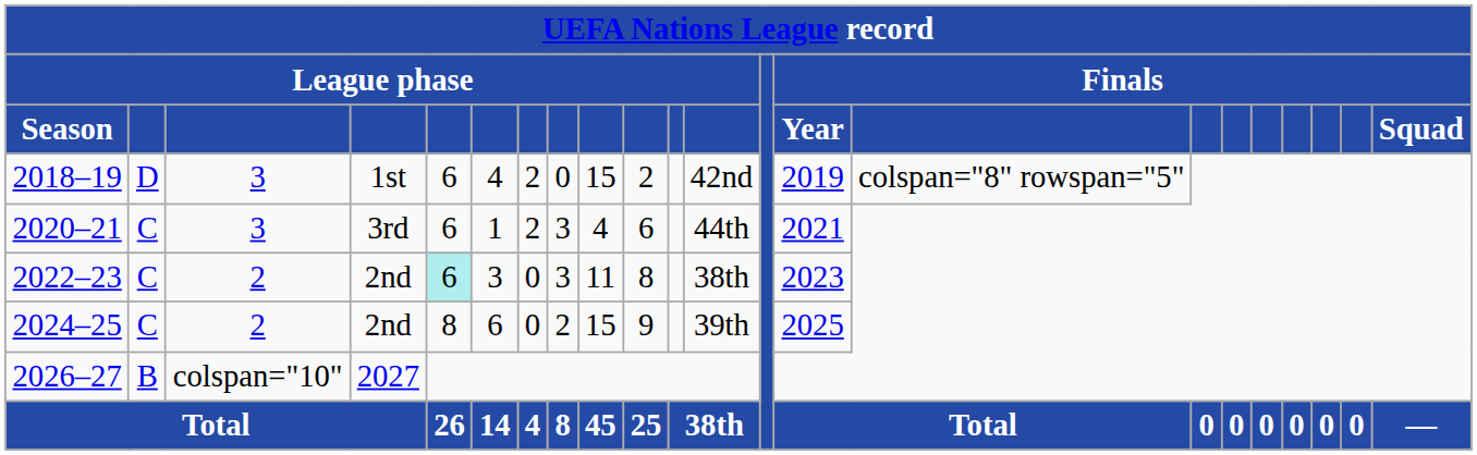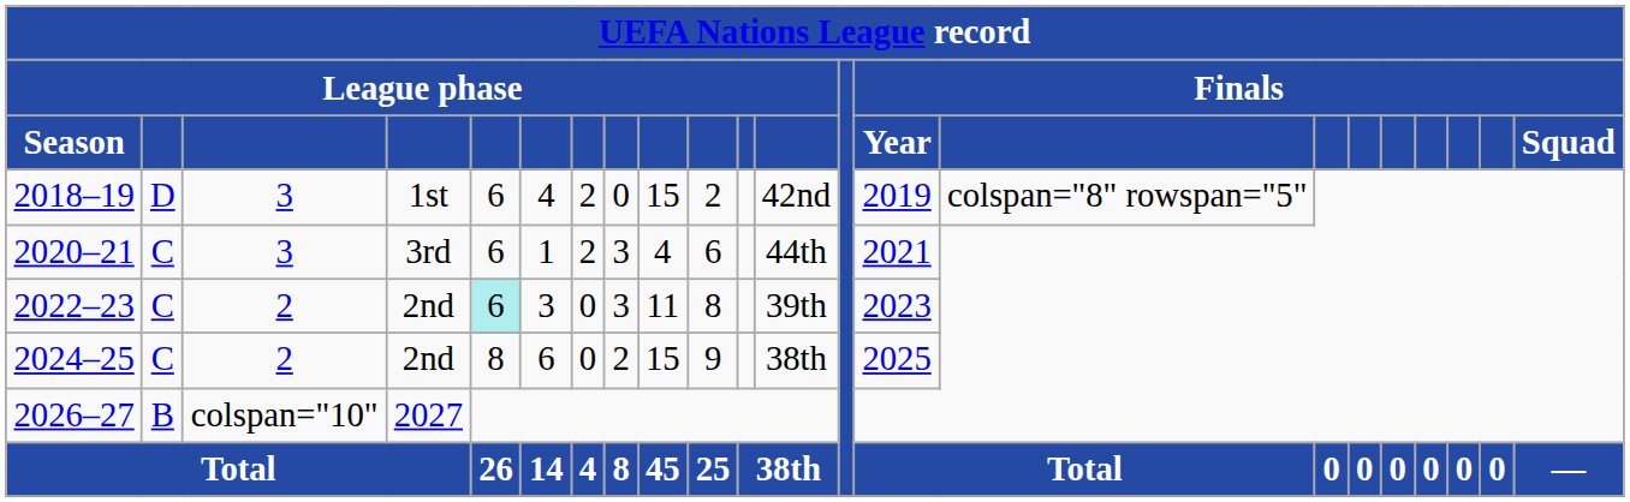 <table class="wikitable" style="text-align:center">
 <tr>
 <th colspan="22" style="background:#244AA5;color:white;"><a href='#'><span>UEFA Nations League</span></a> record</th>
 </tr>
 <tr>
 <th colspan="12" style="background:#244AA5;color:white;">League phase</th>
 <th rowspan="8" style="background:#244AA5"></th>
 <th colspan="9" style="background:#244AA5;color:white;">Finals</th>
 </tr>
 <tr>
 <th style="background:#244AA5;color:white;">Season</th>
 <th style="background:#244AA5;color:white;"></th>
 <th style="background:#244AA5;color:white;"></th>
 <th style="background:#244AA5;color:white;"></th>
 <th style="background:#244AA5;color:white;"></th>
 <th style="background:#244AA5;color:white;"></th>
 <th style="background:#244AA5;color:white;"></th>
 <th style="background:#244AA5;color:white;"></th>
 <th style="background:#244AA5;color:white;"></th>
 <th style="background:#244AA5;color:white;"></th>
 <th style="background:#244AA5;color:white;"></th>
 <th style="background:#244AA5;color:white;"></th>
 <th style="background:#244AA5;color:white;">Year</th>
 <th style="background:#244AA5;color:white;"></th>
 <th style="background:#244AA5;color:white;"></th>
 <th style="background:#244AA5;color:white;"></th>
 <th style="background:#244AA5;color:white;"></th>
 <th style="background:#244AA5;color:white;"></th>
 <th style="background:#244AA5;color:white;"></th>
 <th style="background:#244AA5;color:white;"></th>
 <th style="background:#244AA5;color:white;">Squad</th>
 </tr>
 <tr>
 <td><a href='#'>2018–19</a></td>
 <td><a href='#'>D</a></td>
 <td><a href='#'>3</a></td>
 <td>1st</td>
 <td>6</td>
 <td>4</td>
 <td>2</td>
 <td>0</td>
 <td>15</td>
 <td>2</td>
 <td></td>
 <td>42nd</td>
 <td> <a href='#'>2019</a></td>
 <td>colspan="8" rowspan="5" </td>
 </tr>
 <tr>
 <td><a href='#'>2020–21</a></td>
 <td><a href='#'>C</a></td>
 <td><a href='#'>3</a></td>
 <td>3rd</td>
 <td>6</td>
 <td>1</td>
 <td>2</td>
 <td>3</td>
 <td>4</td>
 <td>6</td>
 <td></td>
 <td>44th</td>
 <td> <a href='#'>2021</a></td>
 </tr>
 <tr>
 <td><a href='#'>2022–23</a></td>
 <td><a href='#'>C</a></td>
 <td><a href='#'>2</a></td>
 <td>2nd</td>
 <td style="background: paleturquoise;">6</td>
 <td>3</td>
 <td>0</td>
 <td>3</td>
 <td>11</td>
 <td>8</td>
 <td></td>
-<td>38th</td>
+<td>39th</td>
 <td> <a href='#'>2023</a></td>
 </tr>
 <tr>
 <td><a href='#'>2024–25</a></td>
 <td><a href='#'>C</a></td>
 <td><a href='#'>2</a></td>
 <td>2nd</td>
 <td>8</td>
 <td>6</td>
 <td>0</td>
 <td>2</td>
 <td>15</td>
 <td>9</td>
 <td></td>
-<td>39th</td>
+<td>38th</td>
 <td> <a href='#'>2025</a></td>
 </tr>
 <tr>
 <td><a href='#'>2026–27</a></td>
 <td><a href='#'>B</a></td>
 <td>colspan="10" </td>
 <td> <a href='#'>2027</a></td>
 </tr>
 <tr>
 <th colspan="4" style="background:#244AA5;color:white;">Total</th>
 <th style="background:#244AA5;color:white;">26</th>
 <th style="background:#244AA5;color:white;">14</th>
 <th style="background:#244AA5;color:white;">4</th>
 <th style="background:#244AA5;color:white;">8</th>
 <th style="background:#244AA5;color:white;">45</th>
 <th style="background:#244AA5;color:white;">25</th>
 <th colspan="2" style="background:#244AA5;color:white;">38th</th>
 <th colspan="2" style="background:#244AA5;color:white;">Total</th>
 <th style="background:#244AA5;color:white;">0</th>
 <th style="background:#244AA5;color:white;">0</th>
 <th style="background:#244AA5;color:white;">0</th>
 <th style="background:#244AA5;color:white;">0</th>
 <th style="background:#244AA5;color:white;">0</th>
 <th style="background:#244AA5;color:white;">0</th>
 <th style="background:#244AA5;color:white;">—</th>
 </tr>
 </table>
